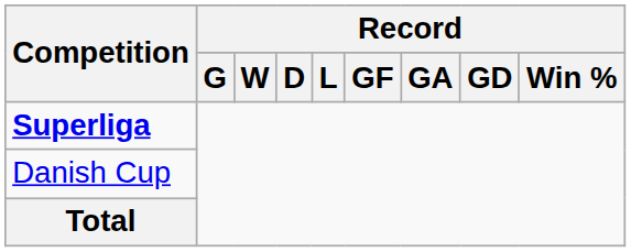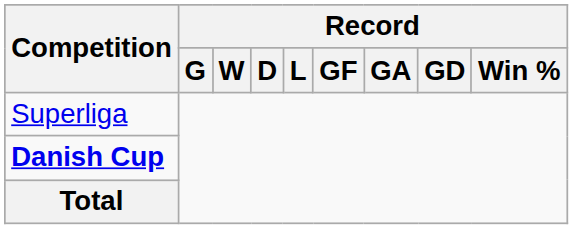 <table class="wikitable" style="text-align: center">
 <tr>
 <th rowspan="2">Competition</th>
 <th colspan="9">Record</th>
 </tr>
 <tr>
 <th>G</th>
 <th>W</th>
 <th>D</th>
 <th>L</th>
 <th>GF</th>
 <th>GA</th>
 <th>GD</th>
 <th>Win %</th>
 </tr>
 <tr>
-<td style="text-align: left"><strong><a href='#'>Superliga</a><br></strong></td>
+<td style="text-align: left"><a href='#'>Superliga</a><br></td>
 </tr>
 <tr>
-<td style="text-align: left"><a href='#'>Danish Cup</a><br></td>
+<td style="text-align: left"><strong><a href='#'>Danish Cup</a><br></strong></td>
 </tr>
 <tr>
 <th>Total<br></th>
 </tr>
 </table>
